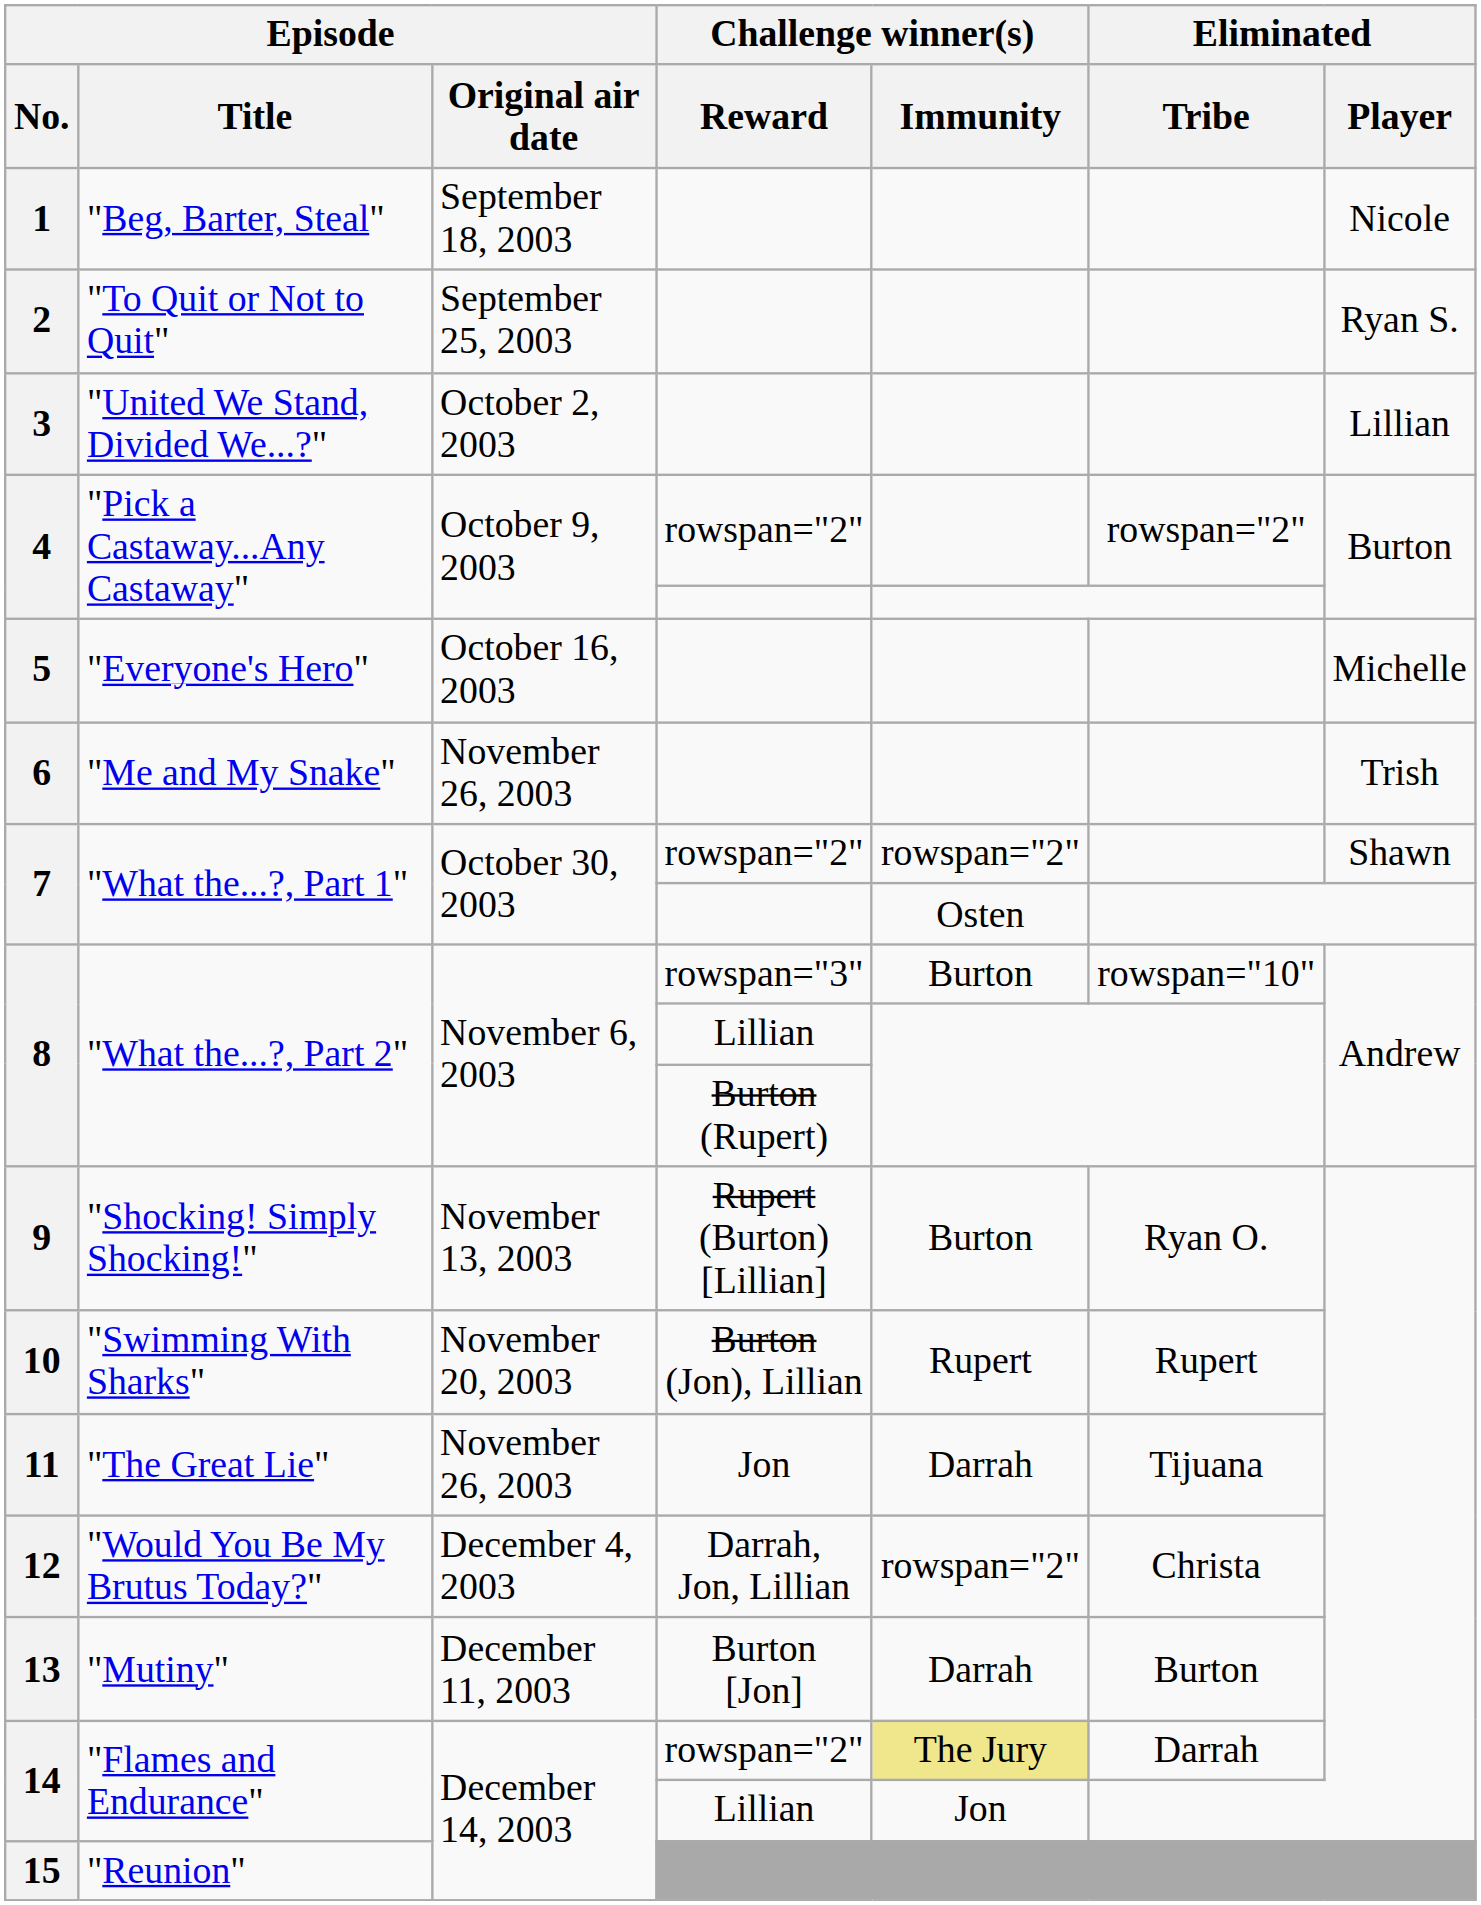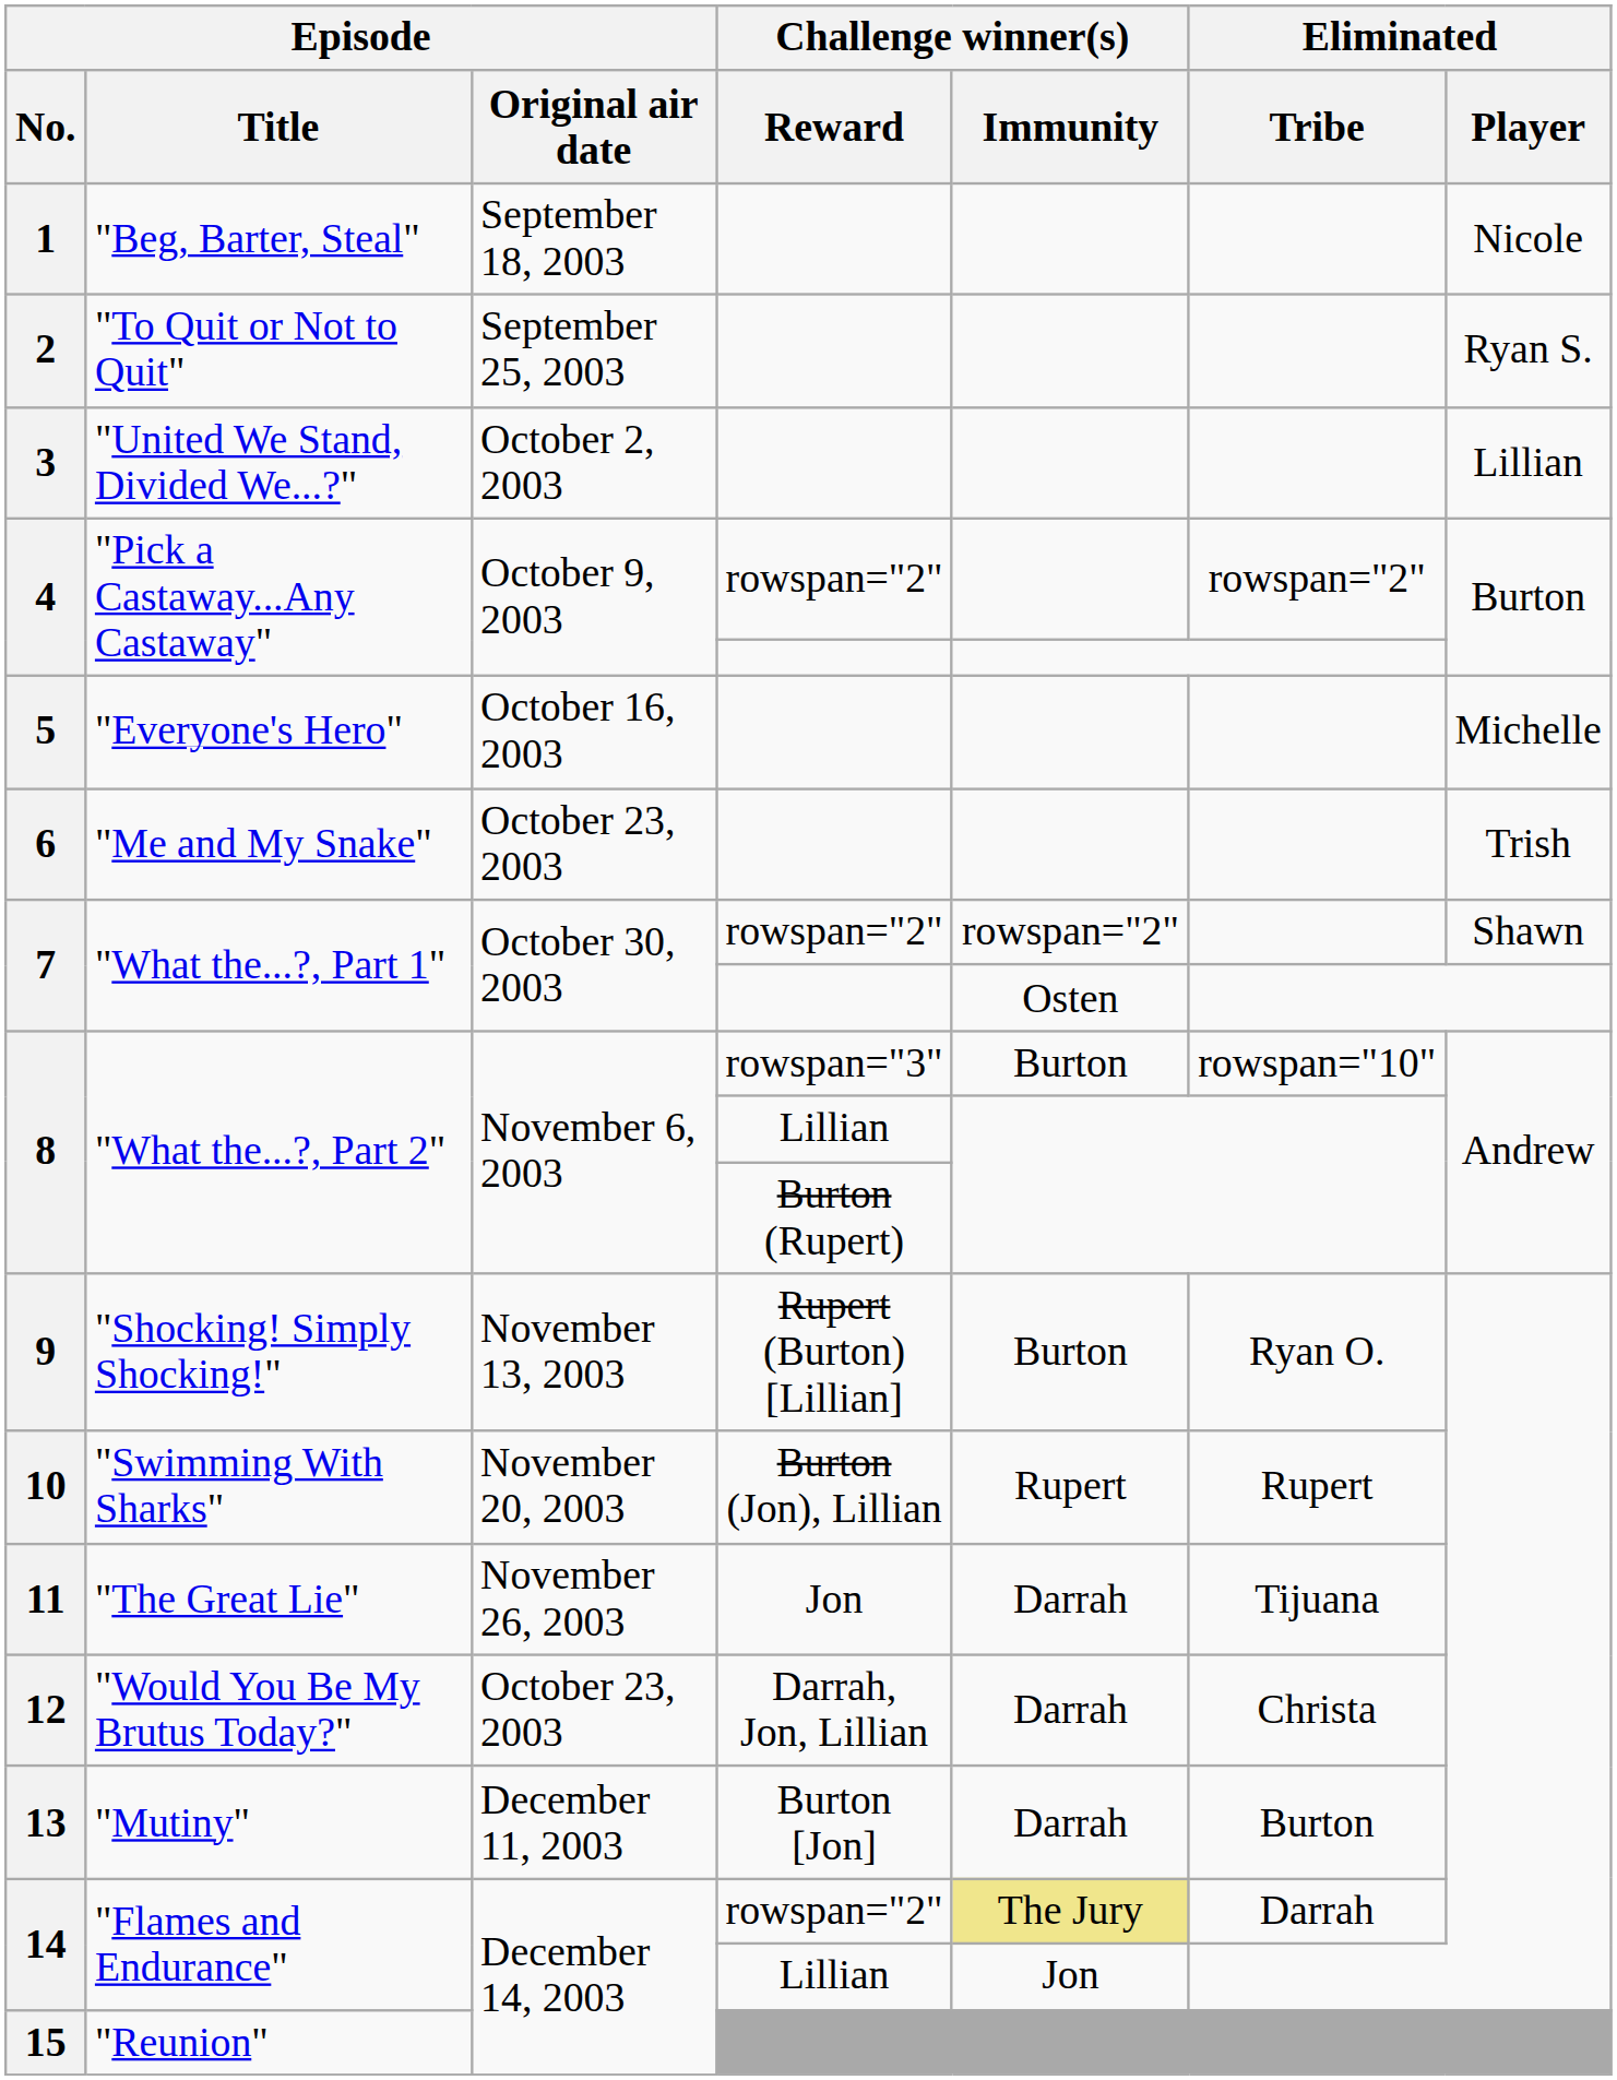 <table class="wikitable nowrap" style="margin:auto; text-align:center;">
 <tr>
 <th scope="colgroup" colspan="3">Episode</th>
 <th scope="colgroup" colspan="2">Challenge winner(s)</th>
 <th scope="colgroup" colspan="2">Eliminated</th>
 </tr>
 <tr>
 <th scope="col">No.</th>
 <th scope="col">Title</th>
 <th scope="col">Original air date</th>
 <th scope="col">Reward</th>
 <th scope="col">Immunity</th>
 <th scope="col">Tribe</th>
 <th scope="col">Player</th>
 </tr>
 <tr>
 <th>1</th>
 <td style="text-align:left;">"<a href='#'>Beg, Barter, Steal</a>"</td>
 <td style="text-align:left;">September 18, 2003</td>
 <td></td>
 <td></td>
 <td></td>
 <td>Nicole</td>
 </tr>
 <tr>
 <th>2</th>
 <td style="text-align:left;">"<a href='#'>To Quit or Not to Quit</a>"</td>
 <td style="text-align:left;">September 25, 2003</td>
 <td></td>
 <td></td>
 <td></td>
 <td>Ryan S.</td>
 </tr>
 <tr>
 <th>3</th>
 <td style="text-align:left;">"<a href='#'>United We Stand, Divided We...?</a>"</td>
 <td style="text-align:left;">October 2, 2003</td>
 <td></td>
 <td></td>
 <td></td>
 <td>Lillian</td>
 </tr>
 <tr>
 <th rowspan="2">4</th>
 <td rowspan="2" style="text-align:left;">"<a href='#'>Pick a Castaway...Any Castaway</a>"</td>
 <td rowspan="2" style="text-align:left;">October 9, 2003</td>
 <td>rowspan="2" </td>
 <td></td>
 <td>rowspan="2" </td>
 <td rowspan="2">Burton</td>
 </tr>
 <tr>
 <td></td>
 </tr>
 <tr>
 <th>5</th>
 <td style="text-align:left;">"<a href='#'>Everyone's Hero</a>"</td>
 <td style="text-align:left;">October 16, 2003</td>
 <td></td>
 <td></td>
 <td></td>
 <td>Michelle</td>
 </tr>
 <tr>
 <th>6</th>
 <td style="text-align:left;">"<a href='#'>Me and My Snake</a>"</td>
-<td style="text-align:left;">November 26, 2003</td>
+<td style="text-align:left;">October 23, 2003</td>
 <td></td>
 <td></td>
 <td></td>
 <td>Trish</td>
 </tr>
 <tr>
 <th rowspan="2">7</th>
 <td rowspan="2" style="text-align:left;">"<a href='#'>What the...?, Part 1</a>"</td>
 <td rowspan="2" style="text-align:left;">October 30, 2003</td>
 <td>rowspan="2" </td>
 <td>rowspan="2" </td>
 <td></td>
 <td>Shawn</td>
 </tr>
 <tr>
 <td></td>
 <td>Osten</td>
 </tr>
 <tr>
 <th rowspan="3">8</th>
 <td rowspan="3" style="text-align:left;">"<a href='#'>What the...?, Part 2</a>"</td>
 <td rowspan="3" style="text-align:left;">November 6, 2003</td>
 <td>rowspan="3" </td>
 <td>Burton</td>
 <td>rowspan="10" </td>
 <td rowspan="3">Andrew</td>
 </tr>
 <tr>
 <td>Lillian</td>
 </tr>
 <tr>
 <td><s>Burton</s><br>(Rupert)</td>
 </tr>
 <tr>
 <th>9</th>
 <td style="text-align:left;">"<a href='#'>Shocking! Simply Shocking!</a>"</td>
 <td style="text-align:left;">November 13, 2003</td>
 <td><s>Rupert</s><br>(Burton)<br>[Lillian]</td>
 <td>Burton</td>
 <td>Ryan O.</td>
 </tr>
 <tr>
 <th>10</th>
 <td style="text-align:left;">"<a href='#'>Swimming With Sharks</a>"</td>
 <td style="text-align:left;">November 20, 2003</td>
 <td><s>Burton</s><br>(Jon), Lillian</td>
 <td>Rupert</td>
 <td>Rupert</td>
 </tr>
 <tr>
 <th>11</th>
 <td style="text-align:left;">"<a href='#'>The Great Lie</a>"</td>
 <td style="text-align:left;">November 26, 2003</td>
 <td>Jon</td>
 <td>Darrah</td>
 <td>Tijuana</td>
 </tr>
 <tr>
 <th>12</th>
 <td style="text-align:left;">"<a href='#'>Would You Be My Brutus Today?</a>"</td>
-<td style="text-align:left;">December 4, 2003</td>
+<td style="text-align:left;">October 23, 2003</td>
 <td>Darrah,<br>Jon, Lillian</td>
-<td>rowspan="2" </td>
+<td>Darrah</td>
 <td>Christa</td>
 </tr>
 <tr>
 <th>13</th>
 <td style="text-align:left;">"<a href='#'>Mutiny</a>"</td>
 <td style="text-align:left;">December 11, 2003</td>
 <td>Burton<br>[Jon]</td>
 <td>Darrah</td>
 <td>Burton</td>
 </tr>
 <tr>
 <th rowspan="2">14</th>
 <td rowspan="2" style="text-align:left;">"<a href='#'>Flames and Endurance</a>"</td>
 <td rowspan="3" style="text-align:left;">December 14, 2003</td>
 <td>rowspan="2" </td>
 <td style="background: khaki;">The Jury</td>
 <td>Darrah</td>
 </tr>
 <tr>
 <td>Lillian</td>
 <td>Jon</td>
 </tr>
 <tr>
 <th>15</th>
 <td style="text-align:left;">"<a href='#'>Reunion</a>"</td>
 <td colspan="4" style="background-color:darkgrey;"></td>
 </tr>
 </table>
